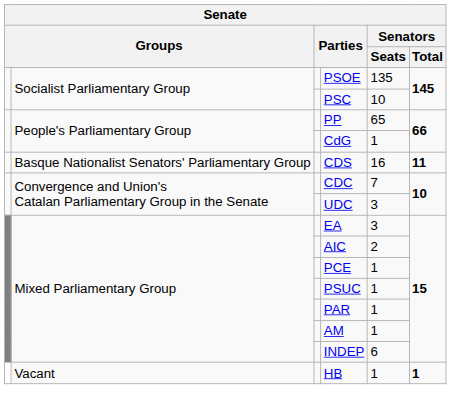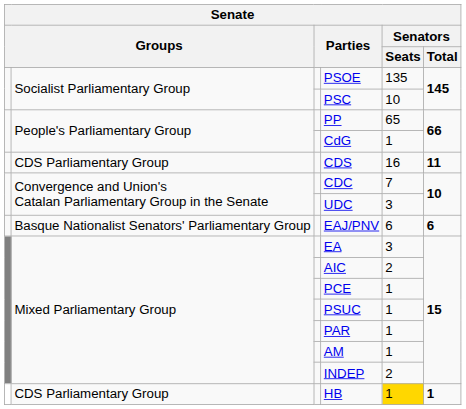 <table class="wikitable" style="text-align:left;">
 <tr>
 <th colspan="6">Senate</th>
 </tr>
 <tr>
 <th rowspan="2" colspan="2">Groups</th>
 <th rowspan="2" colspan="2">Parties</th>
 <th colspan="2">Senators</th>
 </tr>
 <tr>
 <th>Seats</th>
 <th>Total</th>
 </tr>
 <tr>
 <td width="1" rowspan="2"></td>
 <td rowspan="2">Socialist Parliamentary Group</td>
 <td width="1" style="color:inherit;background:"></td>
 <td><a href='#'>PSOE</a></td>
 <td>135</td>
 <td rowspan="2"><strong>145</strong></td>
 </tr>
 <tr>
 <td style="color:inherit;background:"></td>
 <td><a href='#'>PSC</a></td>
 <td>10</td>
 </tr>
 <tr>
 <td rowspan="2" style="color:inherit;background:"></td>
 <td rowspan="2">People's Parliamentary Group</td>
 <td style="color:inherit;background:"></td>
 <td><a href='#'>PP</a></td>
 <td>65</td>
 <td rowspan="2"><strong>66</strong></td>
 </tr>
 <tr>
 <td style="color:inherit;background:"></td>
 <td><a href='#'>CdG</a></td>
 <td>1</td>
 </tr>
 <tr>
 <td style="color:inherit;background:"></td>
-<td>Basque Nationalist Senators' Parliamentary Group</td>
+<td>CDS Parliamentary Group</td>
 <td style="color:inherit;background:"></td>
 <td><a href='#'>CDS</a></td>
 <td>16</td>
 <td><strong>11</strong></td>
 </tr>
 <tr>
 <td rowspan="2" style="color:inherit;background:"></td>
 <td rowspan="2">Convergence and Union's<br>Catalan Parliamentary Group in the Senate</td>
 <td style="color:inherit;background:"></td>
 <td><a href='#'>CDC</a></td>
 <td>7</td>
 <td rowspan="2"><strong>10</strong></td>
 </tr>
 <tr>
 <td style="color:inherit;background:"></td>
 <td><a href='#'>UDC</a></td>
 <td>3</td>
+</tr>
+<tr>
+<td style="color:inherit;background:"></td>
+<td>Basque Nationalist Senators' Parliamentary Group</td>
+<td style="color:inherit;background:"></td>
+<td><a href='#'>EAJ/PNV</a></td>
+<td>6</td>
+<td><strong>6</strong></td>
 </tr>
 <tr>
 <td rowspan="7" bgcolor="gray"></td>
 <td rowspan="7">Mixed Parliamentary Group</td>
 <td style="color:inherit;background:"></td>
 <td><a href='#'>EA</a></td>
 <td>3</td>
 <td rowspan="7"><strong>15</strong></td>
 </tr>
 <tr>
 <td style="color:inherit;background:"></td>
 <td><a href='#'>AIC</a></td>
 <td>2</td>
 </tr>
 <tr>
 <td style="color:inherit;background:"></td>
 <td><a href='#'>PCE</a></td>
 <td>1</td>
 </tr>
 <tr>
 <td style="color:inherit;background:"></td>
 <td><a href='#'>PSUC</a></td>
 <td>1</td>
 </tr>
 <tr>
 <td style="color:inherit;background:"></td>
 <td><a href='#'>PAR</a></td>
 <td>1</td>
 </tr>
 <tr>
 <td style="color:inherit;background:"></td>
 <td><a href='#'>AM</a></td>
 <td>1</td>
 </tr>
 <tr>
 <td style="color:inherit;background:"></td>
 <td><a href='#'>INDEP</a></td>
-<td>6</td>
+<td>2</td>
 </tr>
 <tr>
 <td bgcolor="white"></td>
-<td>Vacant</td>
+<td>CDS Parliamentary Group</td>
 <td style="color:inherit;background:"></td>
 <td><a href='#'>HB</a></td>
-<td>1</td>
+<td style="background: gold;">1</td>
 <td><strong>1</strong></td>
 </tr>
 </table>
